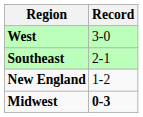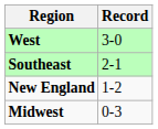 <table class="wikitable">
 <tr>
 <th>Region</th>
 <th>Record</th>
 </tr>
 <tr bgcolor=#bbffbb>
 <td><strong>West</strong></td>
 <td>3-0</td>
 </tr>
 <tr bgcolor=#bbffbb>
 <td><strong>Southeast</strong></td>
 <td>2-1</td>
 </tr>
 <tr>
 <td><strong>New England</strong></td>
 <td>1-2</td>
 </tr>
 <tr>
 <td><strong>Midwest</strong></td>
-<td><strong>0-3</strong></td>
+<td>0-3</td>
 </tr>
 </table>
